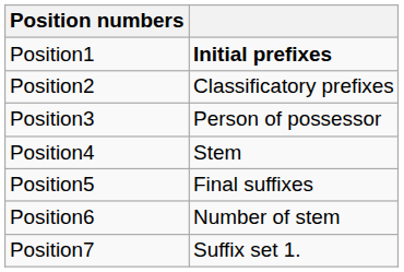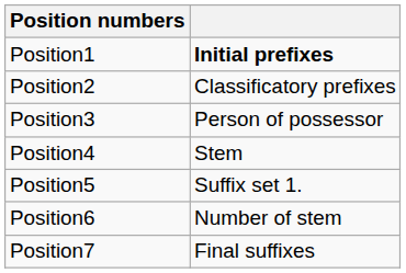 <table class="wikitable">
 <tr>
 <th>Position numbers</th>
 <th></th>
 </tr>
 <tr>
 <td>Position1</td>
 <td><strong>Initial prefixes</strong></td>
 </tr>
 <tr>
 <td>Position2</td>
 <td>Classificatory prefixes</td>
 </tr>
 <tr>
 <td>Position3</td>
 <td>Person of possessor</td>
 </tr>
 <tr>
 <td>Position4</td>
 <td>Stem</td>
 </tr>
 <tr>
 <td>Position5</td>
-<td>Final suffixes</td>
+<td>Suffix set 1.</td>
 </tr>
 <tr>
 <td>Position6</td>
 <td>Number of stem</td>
 </tr>
 <tr>
 <td>Position7</td>
-<td>Suffix set 1.</td>
+<td>Final suffixes</td>
 </tr>
 </table>
